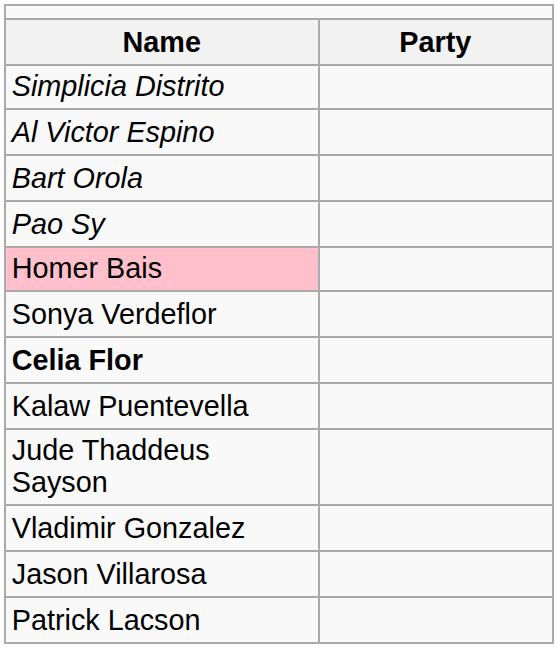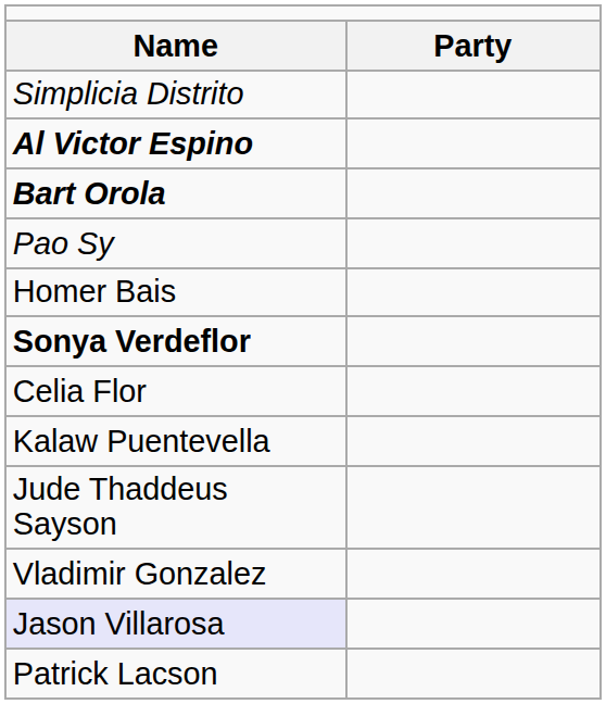 <table class=wikitable style="font-size:90%">
 <tr>
 <td colspan=4 bgcolor=></td>
 </tr>
 <tr>
 <th style="width:150px;">Name</th>
 <th colspan="2" style="width:110px;">Party</th>
 </tr>
 <tr>
 <td><em>Simplicia Distrito</em></td>
 <td></td>
 </tr>
 <tr>
-<td><em>Al Victor Espino</em></td>
+<td><strong><em>Al Victor Espino</em></strong></td>
 <td></td>
 </tr>
 <tr>
-<td><em>Bart Orola</em></td>
+<td><strong><em>Bart Orola</em></strong></td>
 <td></td>
 </tr>
 <tr>
 <td><em>Pao Sy</em></td>
 <td></td>
 </tr>
 <tr>
-<td style="background: pink;">Homer Bais</td>
+<td>Homer Bais</td>
 <td></td>
 </tr>
 <tr>
-<td>Sonya Verdeflor</td>
+<td><strong>Sonya Verdeflor</strong></td>
 <td></td>
 </tr>
 <tr>
-<td><strong>Celia Flor</strong></td>
+<td>Celia Flor</td>
 <td></td>
 </tr>
 <tr>
 <td>Kalaw Puentevella</td>
 <td></td>
 </tr>
 <tr>
 <td>Jude Thaddeus Sayson</td>
 <td></td>
 </tr>
 <tr>
 <td>Vladimir Gonzalez</td>
 <td></td>
 </tr>
 <tr>
-<td>Jason Villarosa</td>
+<td style="background: lavender;">Jason Villarosa</td>
 <td></td>
 </tr>
 <tr>
 <td>Patrick Lacson</td>
 <td></td>
 </tr>
 </table>
